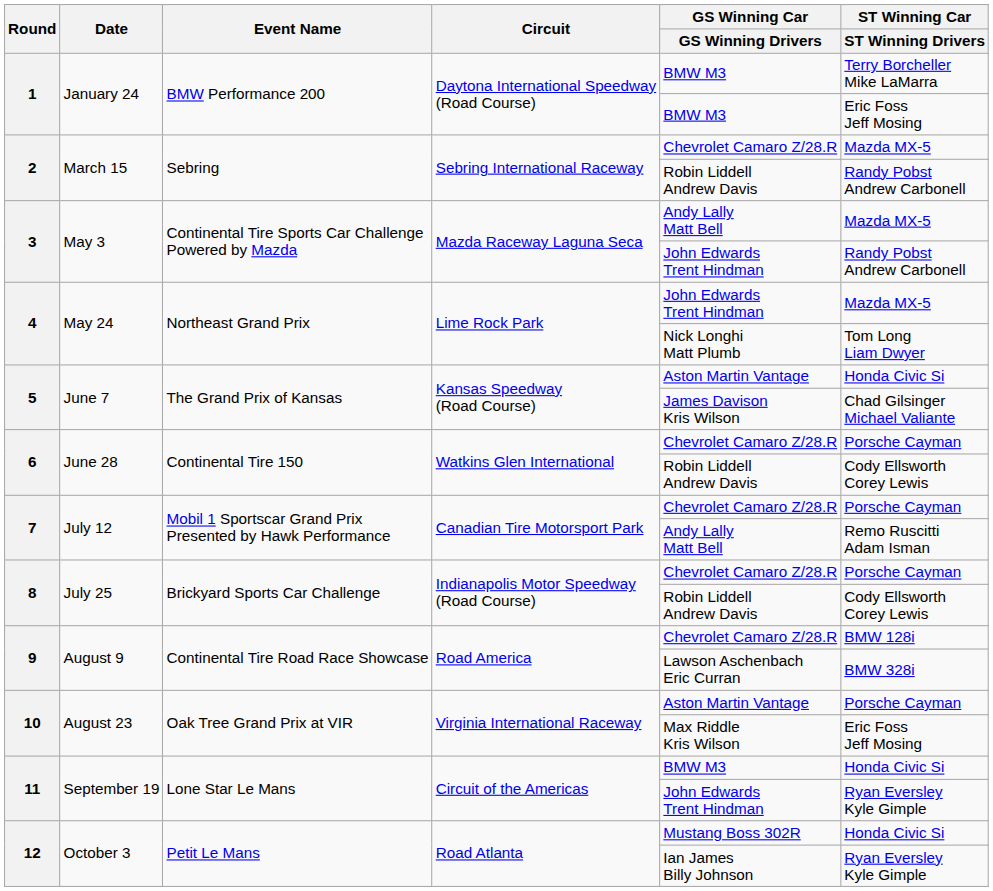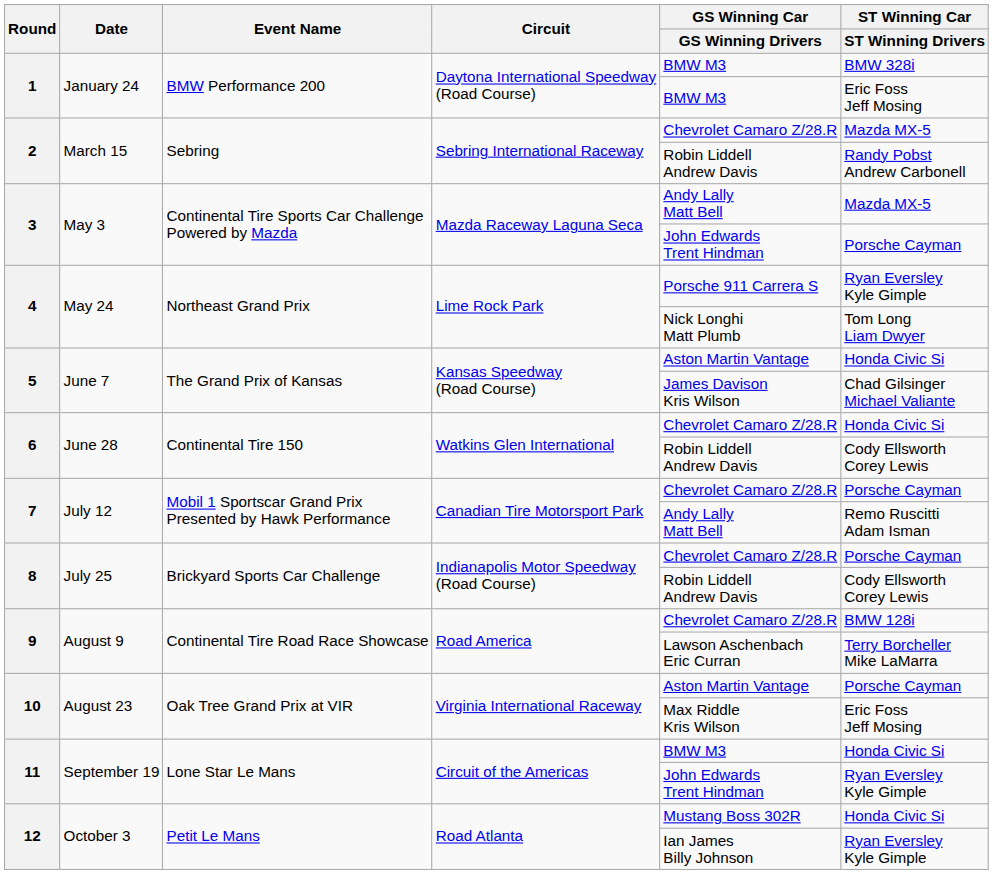 <table class="wikitable" style="font-size:90%">
 <tr>
 <th rowspan=2>Round</th>
 <th rowspan=2>Date</th>
 <th rowspan=2>Event Name</th>
 <th rowspan=2>Circuit</th>
 <th>GS Winning Car</th>
 <th>ST Winning Car</th>
 </tr>
 <tr>
 <th>GS Winning Drivers</th>
 <th>ST Winning Drivers</th>
 </tr>
 <tr>
 <th rowspan=2>1</th>
 <td rowspan=2>January 24</td>
 <td rowspan=2><a href='#'>BMW</a> Performance 200</td>
 <td rowspan=2><a href='#'>Daytona International Speedway</a> <br> (Road Course)</td>
 <td><a href='#'>BMW M3</a></td>
-<td> <a href='#'>Terry Borcheller</a><br> Mike LaMarra</td>
+<td><a href='#'>BMW 328i</a></td>
 </tr>
 <tr>
 <td><a href='#'>BMW M3</a></td>
 <td> Eric Foss<br> Jeff Mosing</td>
 </tr>
 <tr>
 <th rowspan=2>2</th>
 <td rowspan=2>March 15</td>
 <td rowspan=2>Sebring</td>
 <td rowspan=2><a href='#'>Sebring International Raceway</a></td>
 <td><a href='#'>Chevrolet Camaro Z/28.R</a></td>
 <td><a href='#'>Mazda MX-5</a></td>
 </tr>
 <tr>
 <td> Robin Liddell<br> Andrew Davis</td>
 <td> <a href='#'>Randy Pobst</a><br> Andrew Carbonell</td>
 </tr>
 <tr>
 <th rowspan=2>3</th>
 <td rowspan=2>May 3</td>
 <td rowspan=2>Continental Tire Sports Car Challenge<br>Powered by <a href='#'>Mazda</a></td>
 <td rowspan=2><a href='#'>Mazda Raceway Laguna Seca</a></td>
 <td> <a href='#'>Andy Lally</a><br> <a href='#'>Matt Bell</a></td>
 <td><a href='#'>Mazda MX-5</a></td>
 </tr>
 <tr>
 <td> <a href='#'>John Edwards</a><br> <a href='#'>Trent Hindman</a></td>
-<td> <a href='#'>Randy Pobst</a><br> Andrew Carbonell</td>
+<td><a href='#'>Porsche Cayman</a></td>
 </tr>
 <tr>
 <th rowspan=2>4</th>
 <td rowspan=2>May 24</td>
 <td rowspan=2>Northeast Grand Prix</td>
 <td rowspan=2><a href='#'>Lime Rock Park</a></td>
-<td> <a href='#'>John Edwards</a><br> <a href='#'>Trent Hindman</a></td>
-<td><a href='#'>Mazda MX-5</a></td>
+<td><a href='#'>Porsche 911 Carrera S</a></td>
+<td> <a href='#'>Ryan Eversley</a><br> Kyle Gimple</td>
 </tr>
 <tr>
 <td> Nick Longhi<br> Matt Plumb</td>
 <td> Tom Long<br> <a href='#'>Liam Dwyer</a></td>
 </tr>
 <tr>
 <th rowspan=2>5</th>
 <td rowspan=2>June 7</td>
 <td rowspan=2>The Grand Prix of Kansas</td>
 <td rowspan=2><a href='#'>Kansas Speedway</a> <br> (Road Course)</td>
 <td><a href='#'>Aston Martin Vantage</a></td>
 <td><a href='#'>Honda Civic Si</a></td>
 </tr>
 <tr>
 <td> <a href='#'>James Davison</a><br> Kris Wilson</td>
 <td> Chad Gilsinger<br> <a href='#'>Michael Valiante</a></td>
 </tr>
 <tr>
 <th rowspan=2>6</th>
 <td rowspan=2>June 28</td>
 <td rowspan=2>Continental Tire 150</td>
 <td rowspan=2><a href='#'>Watkins Glen International</a></td>
 <td><a href='#'>Chevrolet Camaro Z/28.R</a></td>
-<td><a href='#'>Porsche Cayman</a></td>
+<td><a href='#'>Honda Civic Si</a></td>
 </tr>
 <tr>
 <td> Robin Liddell<br> Andrew Davis</td>
 <td> Cody Ellsworth<br> Corey Lewis</td>
 </tr>
 <tr>
 <th rowspan=2>7</th>
 <td rowspan=2>July 12</td>
 <td rowspan=2><a href='#'>Mobil 1</a> Sportscar Grand Prix<br>Presented by Hawk Performance</td>
 <td rowspan=2><a href='#'>Canadian Tire Motorsport Park</a></td>
 <td><a href='#'>Chevrolet Camaro Z/28.R</a></td>
 <td><a href='#'>Porsche Cayman</a></td>
 </tr>
 <tr>
 <td> <a href='#'>Andy Lally</a><br> <a href='#'>Matt Bell</a></td>
 <td> Remo Ruscitti<br> Adam Isman</td>
 </tr>
 <tr>
 <th rowspan=2>8</th>
 <td rowspan=2>July 25</td>
 <td rowspan=2>Brickyard Sports Car Challenge</td>
 <td rowspan=2><a href='#'>Indianapolis Motor Speedway</a> <br> (Road Course)</td>
 <td><a href='#'>Chevrolet Camaro Z/28.R</a></td>
 <td><a href='#'>Porsche Cayman</a></td>
 </tr>
 <tr>
 <td> Robin Liddell<br> Andrew Davis</td>
 <td> Cody Ellsworth<br> Corey Lewis</td>
 </tr>
 <tr>
 <th rowspan=2>9</th>
 <td rowspan=2>August 9</td>
 <td rowspan=2>Continental Tire Road Race Showcase</td>
 <td rowspan=2><a href='#'>Road America</a></td>
 <td><a href='#'>Chevrolet Camaro Z/28.R</a></td>
 <td><a href='#'>BMW 128i</a></td>
 </tr>
 <tr>
 <td> Lawson Aschenbach<br> Eric Curran</td>
-<td><a href='#'>BMW 328i</a></td>
+<td> <a href='#'>Terry Borcheller</a><br> Mike LaMarra</td>
 </tr>
 <tr>
 <th rowspan=2>10</th>
 <td rowspan=2>August 23</td>
 <td rowspan=2>Oak Tree Grand Prix at VIR</td>
 <td rowspan=2><a href='#'>Virginia International Raceway</a></td>
 <td><a href='#'>Aston Martin Vantage</a></td>
 <td><a href='#'>Porsche Cayman</a></td>
 </tr>
 <tr>
 <td> Max Riddle<br> Kris Wilson</td>
 <td> Eric Foss<br> Jeff Mosing</td>
 </tr>
 <tr>
 <th rowspan=2>11</th>
 <td rowspan=2>September 19</td>
 <td rowspan=2>Lone Star Le Mans</td>
 <td rowspan=2><a href='#'>Circuit of the Americas</a></td>
 <td><a href='#'>BMW M3</a></td>
 <td><a href='#'>Honda Civic Si</a></td>
 </tr>
 <tr>
 <td> <a href='#'>John Edwards</a><br> <a href='#'>Trent Hindman</a></td>
 <td> <a href='#'>Ryan Eversley</a><br> Kyle Gimple</td>
 </tr>
 <tr>
 <th rowspan=2>12</th>
 <td rowspan=2>October 3</td>
 <td rowspan=2><a href='#'>Petit Le Mans</a></td>
 <td rowspan=2><a href='#'>Road Atlanta</a></td>
 <td><a href='#'>Mustang Boss 302R</a></td>
 <td><a href='#'>Honda Civic Si</a></td>
 </tr>
 <tr>
 <td> Ian James<br> Billy Johnson</td>
 <td> <a href='#'>Ryan Eversley</a><br> Kyle Gimple</td>
 </tr>
 </table>
